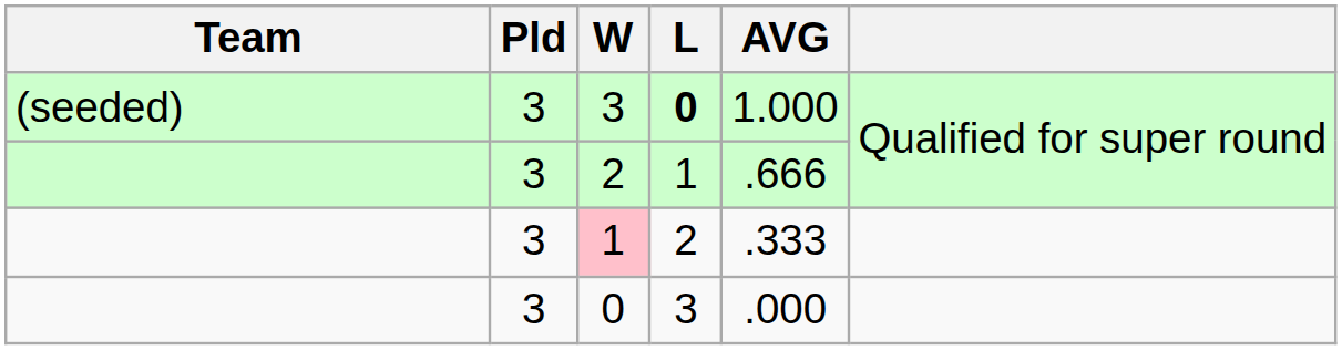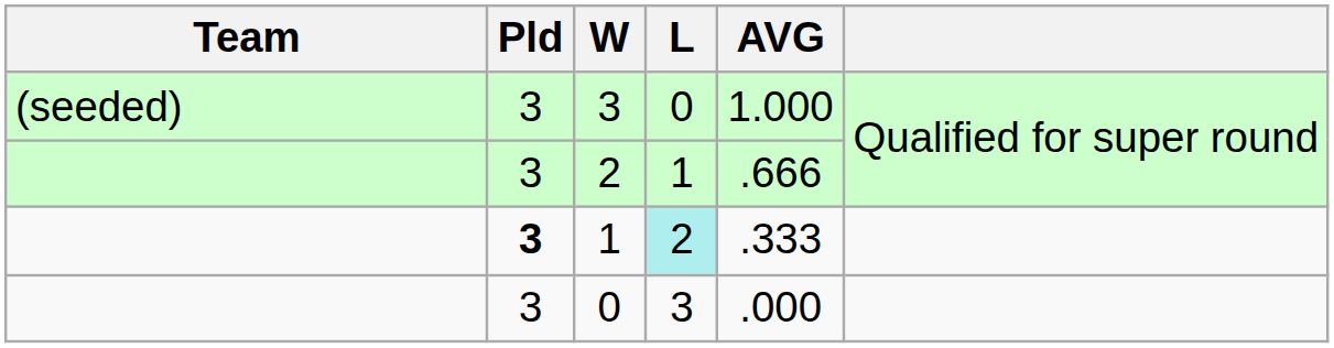 <table class="wikitable" style="text-align:center;">
 <tr>
 <th width=175>Team</th>
 <th width=20 abbr="Played">Pld</th>
 <th width=20 abbr="Won">W</th>
 <th width=20 abbr="Lost">L</th>
 <th width=30 abbr="Average">AVG</th>
 <th></th>
 </tr>
 <tr style="background:#ccffcc">
 <td align=left> (seeded)</td>
 <td>3</td>
 <td>3</td>
-<td><strong>0</strong></td>
+<td>0</td>
 <td>1.000</td>
 <td rowspan="2">Qualified for super round</td>
 </tr>
 <tr style="background:#ccffcc">
 <td align=left></td>
 <td>3</td>
 <td>2</td>
 <td>1</td>
 <td>.666</td>
 </tr>
 <tr>
 <td align=left></td>
-<td>3</td>
-<td style="background: pink;">1</td>
-<td>2</td>
+<td><strong>3</strong></td>
+<td>1</td>
+<td style="background: paleturquoise;">2</td>
 <td>.333</td>
 <td></td>
 </tr>
 <tr>
 <td align=left></td>
 <td>3</td>
 <td>0</td>
 <td>3</td>
 <td>.000</td>
 <td></td>
 </tr>
 </table>
